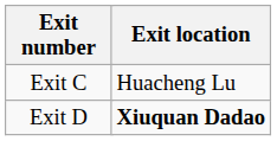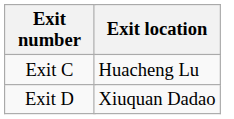 <table class="wikitable">
 <tr>
 <th style="width:70px" colspan="2">Exit number</th>
 <th>Exit location</th>
 </tr>
 <tr>
 <td align="center" colspan="2">Exit C</td>
 <td>Huacheng Lu</td>
 </tr>
 <tr>
 <td align="center" colspan="2">Exit D</td>
-<td><strong>Xiuquan Dadao</strong></td>
+<td>Xiuquan Dadao</td>
 </tr>
 </table>
